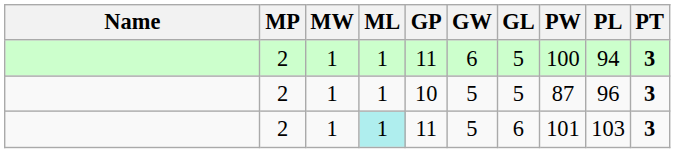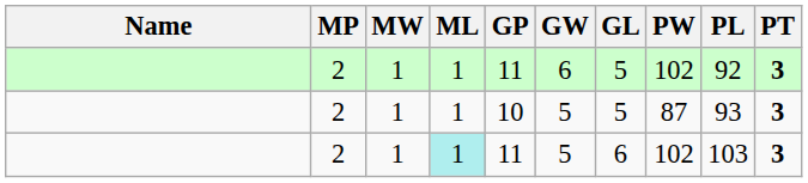 <table class=wikitable style="text-align:center">
 <tr>
 <th width=175>Name</th>
 <th width=20>MP</th>
 <th width=20>MW</th>
 <th width=20>ML</th>
 <th width=20>GP</th>
 <th width=20>GW</th>
 <th width=20>GL</th>
 <th width=20>PW</th>
 <th width=20>PL</th>
 <th width=20>PT</th>
 </tr>
 <tr style="background-color:#ccffcc;">
 <td style="text-align:left;"><strong></strong></td>
 <td>2</td>
 <td>1</td>
 <td>1</td>
 <td>11</td>
 <td>6</td>
 <td>5</td>
-<td>100</td>
-<td>94</td>
+<td>102</td>
+<td>92</td>
 <td><strong>3</strong></td>
 </tr>
 <tr>
 <td style="text-align:left;"></td>
 <td>2</td>
 <td>1</td>
 <td>1</td>
 <td>10</td>
 <td>5</td>
 <td>5</td>
 <td>87</td>
-<td>96</td>
+<td>93</td>
 <td><strong>3</strong></td>
 </tr>
 <tr>
 <td style="text-align:left;"></td>
 <td>2</td>
 <td>1</td>
 <td style="background: paleturquoise;">1</td>
 <td>11</td>
 <td>5</td>
 <td>6</td>
-<td>101</td>
+<td>102</td>
 <td>103</td>
 <td><strong>3</strong></td>
 </tr>
 </table>
